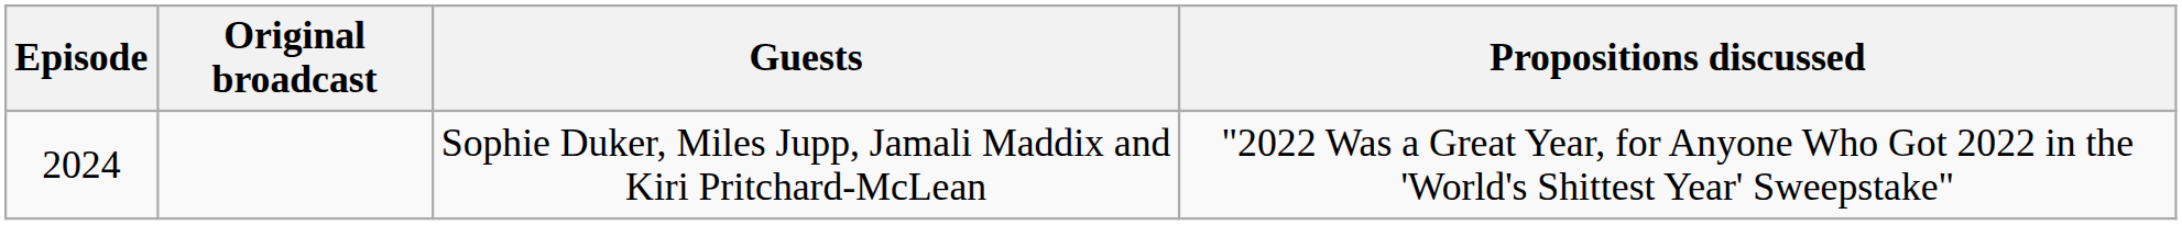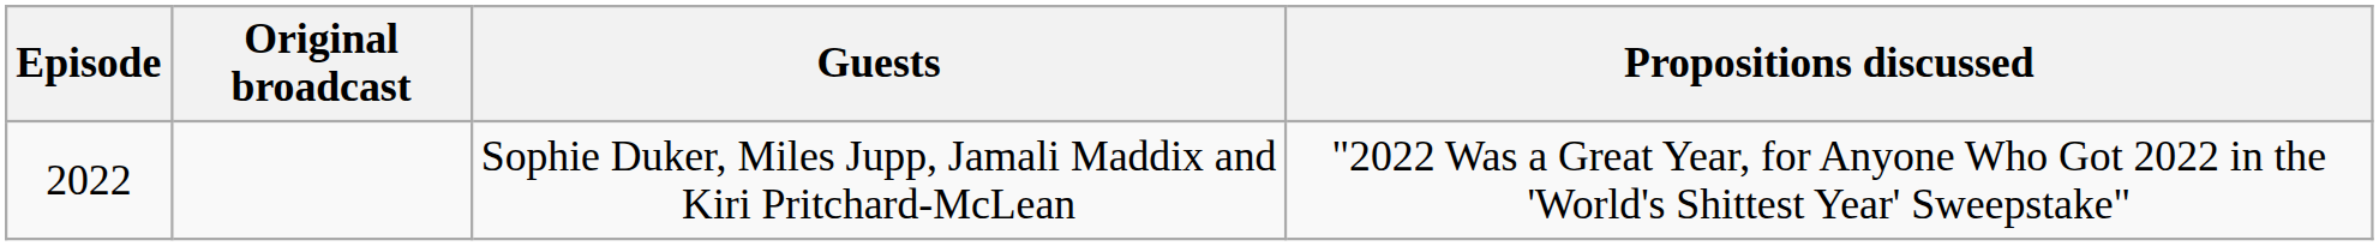 <table class="wikitable" style="text-align:center; width:70%;">
 <tr>
 <th>Episode</th>
 <th>Original broadcast</th>
 <th>Guests</th>
 <th>Propositions discussed</th>
 </tr>
 <tr>
-<td>2024</td>
+<td>2022</td>
 <td></td>
 <td>Sophie Duker, Miles Jupp, Jamali Maddix and Kiri Pritchard-McLean</td>
 <td>"2022 Was a Great Year, for Anyone Who Got 2022 in the 'World's Shittest Year' Sweepstake"</td>
 </tr>
 </table>
